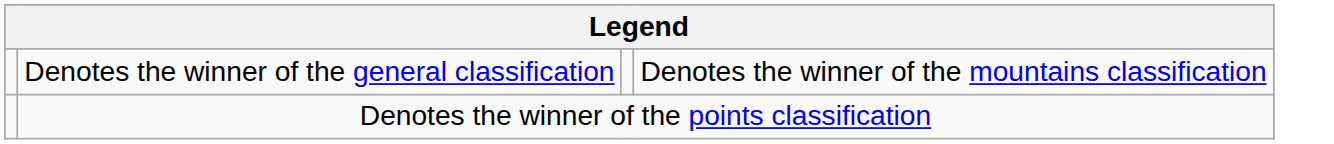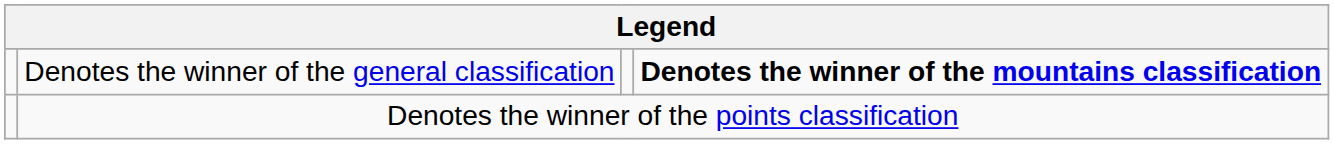 <table class="wikitable">
 <tr>
 <th colspan=4>Legend</th>
 </tr>
 <tr>
 <td style="text-align:center;"></td>
 <td style="text-align:center;">Denotes the winner of the <a href='#'>general classification</a></td>
 <td style="text-align:center;"></td>
-<td style="text-align:center;">Denotes the winner of the <a href='#'>mountains classification</a></td>
+<td style="text-align:center;"><strong>Denotes the winner of the <a href='#'>mountains classification</a></strong></td>
 </tr>
 <tr>
 <td style="text-align:center;"></td>
 <td colspan="3" style="text-align:center;">Denotes the winner of the <a href='#'>points classification</a></td>
 </tr>
 </table>
